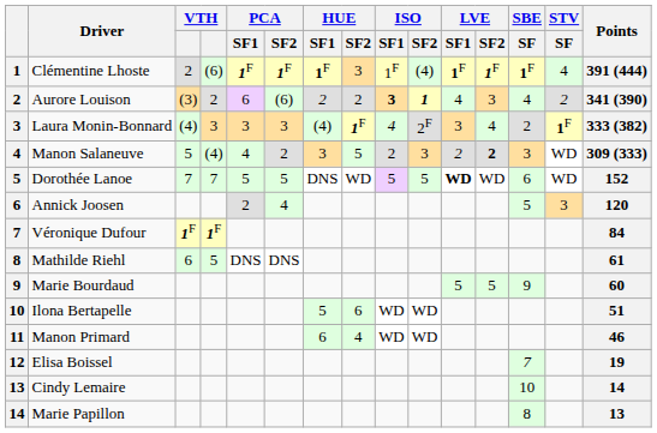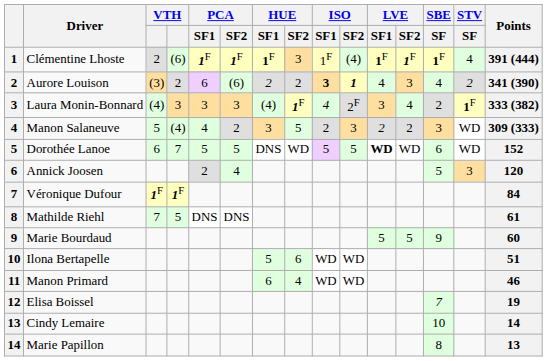 <table align=left| class="wikitable" style="font-size: 85%; text-align: center">
 <tr valign="top">
 <th rowspan=2 valign=middle></th>
 <th rowspan=2 valign=middle>Driver</th>
 <th colspan=2><a href='#'>VTH</a><br></th>
 <th colspan=2><a href='#'>PCA</a><br></th>
 <th colspan=2><a href='#'>HUE</a><br></th>
 <th colspan=2><a href='#'>ISO</a><br></th>
 <th colspan=2><a href='#'>LVE</a><br></th>
 <th><a href='#'>SBE</a><br></th>
 <th><a href='#'>STV</a><br></th>
 <th rowspan=2 valign=middle>Points</th>
 </tr>
 <tr>
 <th></th>
 <th></th>
 <th>SF1</th>
 <th>SF2</th>
 <th>SF1</th>
 <th>SF2</th>
 <th>SF1</th>
 <th>SF2</th>
 <th>SF1</th>
 <th>SF2</th>
 <th>SF</th>
 <th>SF</th>
 </tr>
 <tr>
 <th>1</th>
 <td align=left> Clémentine Lhoste</td>
 <td style="background:#DFDFDF;">2</td>
 <td style="background:#DFFFDF;">(6)</td>
 <td style="background:#FFFFBF;"><strong><em>1</em></strong><sup>F</sup></td>
 <td style="background:#FFFFBF;"><strong><em>1</em></strong><sup>F</sup></td>
 <td style="background:#FFFFBF;"><strong>1</strong><sup>F</sup></td>
 <td style="background:#FFDF9F;">3</td>
 <td style="background:#FFFFBF;">1<sup>F</sup></td>
 <td style="background:#DFFFDF;">(4)</td>
 <td style="background:#FFFFBF;"><strong>1</strong><sup>F</sup></td>
 <td style="background:#FFFFBF;"><strong><em>1</em></strong><sup>F</sup></td>
 <td style="background:#FFFFBF;"><strong>1</strong><sup>F</sup></td>
 <td style="background:#DFFFDF;">4</td>
 <th>391 (444)</th>
 </tr>
 <tr>
 <th>2</th>
 <td align=left> Aurore Louison</td>
 <td style="background:#FFDF9F;">(3)</td>
 <td style="background:#DFDFDF;">2</td>
 <td style="background:#EFCFFF;">6</td>
 <td style="background:#DFFFDF;">(6)</td>
 <td style="background:#DFDFDF;"><em>2</em></td>
 <td style="background:#DFDFDF;">2</td>
 <td style="background:#FFDF9F;"><strong>3</strong></td>
 <td style="background:#FFFFBF;"><strong><em>1</em></strong></td>
 <td style="background:#DFFFDF;">4</td>
 <td style="background:#FFDF9F;">3</td>
 <td style="background:#DFFFDF;">4</td>
 <td style="background:#DFDFDF;"><em>2</em></td>
 <th>341 (390)</th>
 </tr>
 <tr>
 <th>3</th>
 <td align=left> Laura Monin-Bonnard</td>
 <td style="background:#DFFFDF;">(4)</td>
 <td style="background:#FFDF9F;">3</td>
 <td style="background:#FFDF9F;">3</td>
 <td style="background:#FFDF9F;">3</td>
 <td style="background:#DFFFDF;">(4)</td>
 <td style="background:#FFFFBF;"><strong><em>1</em></strong><sup>F</sup></td>
 <td style="background:#DFFFDF;"><em>4</em></td>
 <td style="background:#DFDFDF;">2<sup>F</sup></td>
 <td style="background:#FFDF9F;">3</td>
 <td style="background:#DFFFDF;">4</td>
 <td style="background:#DFDFDF;">2</td>
 <td style="background:#FFFFBF;"><strong>1</strong><sup>F</sup></td>
 <th>333 (382)</th>
 </tr>
 <tr>
 <th>4</th>
 <td align=left> Manon Salaneuve</td>
 <td style="background:#DFFFDF;">5</td>
 <td style="background:#DFFFDF;">(4)</td>
 <td style="background:#DFFFDF;">4</td>
 <td style="background:#DFDFDF;">2</td>
 <td style="background:#FFDF9F;">3</td>
 <td style="background:#DFFFDF;">5</td>
 <td style="background:#DFDFDF;">2</td>
 <td style="background:#FFDF9F;">3</td>
 <td style="background:#DFDFDF;"><em>2</em></td>
-<td style="background:#DFDFDF;"><strong>2</strong></td>
+<td style="background:#DFDFDF;">2</td>
 <td style="background:#FFDF9F;">3</td>
 <td style="background:#FFFFFF;">WD</td>
 <th>309 (333)</th>
 </tr>
 <tr>
 <th>5</th>
 <td align=left> Dorothée Lanoe</td>
-<td style="background:#DFFFDF;">7</td>
+<td style="background:#DFFFDF;">6</td>
 <td style="background:#DFFFDF;">7</td>
 <td style="background:#DFFFDF;">5</td>
 <td style="background:#DFFFDF;">5</td>
 <td style="background:#FFFFFF;">DNS</td>
 <td style="background:#FFFFFF;">WD</td>
 <td style="background:#EFCFFF;">5</td>
 <td style="background:#DFFFDF;">5</td>
 <td style="background:#FFFFFF;"><strong>WD</strong></td>
 <td style="background:#FFFFFF;">WD</td>
 <td style="background:#DFFFDF;">6</td>
 <td style="background:#FFFFFF;">WD</td>
 <th>152</th>
 </tr>
 <tr>
 <th>6</th>
 <td align=left> Annick Joosen</td>
 <td></td>
 <td></td>
 <td style="background:#DFDFDF;">2</td>
 <td style="background:#DFFFDF;">4</td>
 <td></td>
 <td></td>
 <td></td>
 <td></td>
 <td></td>
 <td></td>
 <td style="background:#DFFFDF;">5</td>
 <td style="background:#FFDF9F;">3</td>
 <th>120</th>
 </tr>
 <tr>
 <th>7</th>
 <td align=left> Véronique Dufour</td>
 <td style="background:#FFFFBF;"><strong><em>1</em></strong><sup>F</sup></td>
 <td style="background:#FFFFBF;"><strong><em>1</em></strong><sup>F</sup></td>
 <td></td>
 <td></td>
 <td></td>
 <td></td>
 <td></td>
 <td></td>
 <td></td>
 <td></td>
 <td></td>
 <td></td>
 <th>84</th>
 </tr>
 <tr>
 <th>8</th>
 <td align=left> Mathilde Riehl</td>
-<td style="background:#DFFFDF;">6</td>
+<td style="background:#DFFFDF;">7</td>
 <td style="background:#DFFFDF;">5</td>
 <td style="background:#FFFFFF;">DNS</td>
 <td style="background:#FFFFFF;">DNS</td>
 <td></td>
 <td></td>
 <td></td>
 <td></td>
 <td></td>
 <td></td>
 <td></td>
 <td></td>
 <th>61</th>
 </tr>
 <tr>
 <th>9</th>
 <td align=left> Marie Bourdaud</td>
 <td></td>
 <td></td>
 <td></td>
 <td></td>
 <td></td>
 <td></td>
 <td></td>
 <td></td>
 <td style="background:#DFFFDF;">5</td>
 <td style="background:#DFFFDF;">5</td>
 <td style="background:#DFFFDF;">9</td>
 <td></td>
 <th>60</th>
 </tr>
 <tr>
 <th>10</th>
 <td align=left> Ilona Bertapelle</td>
 <td></td>
 <td></td>
 <td></td>
 <td></td>
 <td style="background:#DFFFDF;">5</td>
 <td style="background:#DFFFDF;">6</td>
 <td style="background:#FFFFFF;">WD</td>
 <td style="background:#FFFFFF;">WD</td>
 <td></td>
 <td></td>
 <td></td>
 <td></td>
 <th>51</th>
 </tr>
 <tr>
 <th>11</th>
 <td align=left> Manon Primard</td>
 <td></td>
 <td></td>
 <td></td>
 <td></td>
 <td style="background:#DFFFDF;">6</td>
 <td style="background:#DFFFDF;">4</td>
 <td style="background:#FFFFFF;">WD</td>
 <td style="background:#FFFFFF;">WD</td>
 <td></td>
 <td></td>
 <td></td>
 <td></td>
 <th>46</th>
 </tr>
 <tr>
 <th>12</th>
 <td align=left> Elisa Boissel</td>
 <td></td>
 <td></td>
 <td></td>
 <td></td>
 <td></td>
 <td></td>
 <td></td>
 <td></td>
 <td></td>
 <td></td>
 <td style="background:#DFFFDF;"><em>7</em></td>
 <td></td>
 <th>19</th>
 </tr>
 <tr>
 <th>13</th>
 <td align=left> Cindy Lemaire</td>
 <td></td>
 <td></td>
 <td></td>
 <td></td>
 <td></td>
 <td></td>
 <td></td>
 <td></td>
 <td></td>
 <td></td>
 <td style="background:#DFFFDF;">10</td>
 <td></td>
 <th>14</th>
 </tr>
 <tr>
 <th>14</th>
 <td align=left> Marie Papillon</td>
 <td></td>
 <td></td>
 <td></td>
 <td></td>
 <td></td>
 <td></td>
 <td></td>
 <td></td>
 <td></td>
 <td></td>
 <td style="background:#DFFFDF;">8</td>
 <td></td>
 <th>13</th>
 </tr>
 </table>
